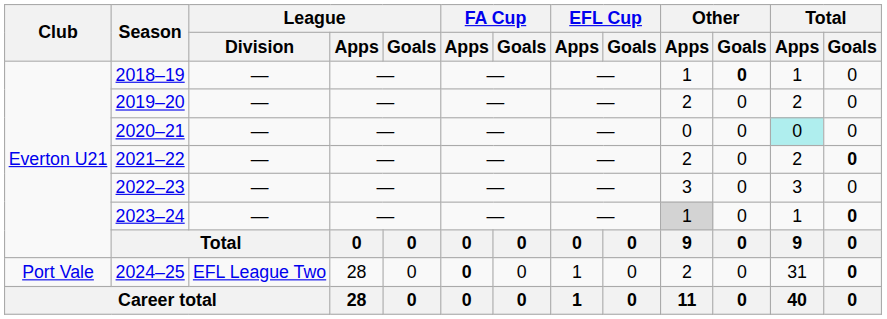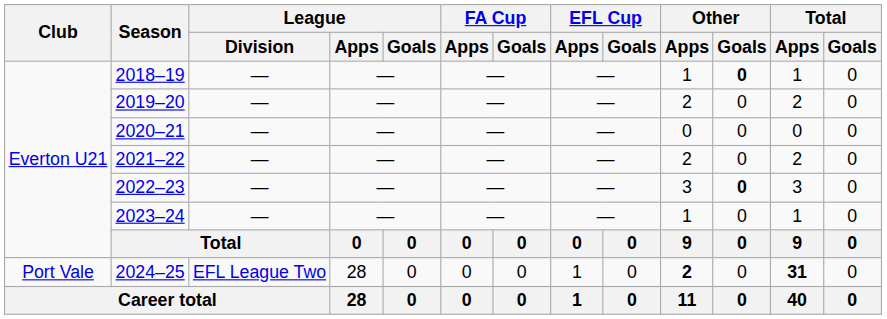 <table class="wikitable" style="text-align:center;">
 <tr>
 <th rowspan="2">Club</th>
 <th rowspan="2">Season</th>
 <th colspan="3">League</th>
 <th colspan="2"><a href='#'>FA Cup</a></th>
 <th colspan="2"><a href='#'>EFL Cup</a></th>
 <th colspan="2">Other</th>
 <th colspan="2">Total</th>
 </tr>
 <tr>
 <th>Division</th>
 <th>Apps</th>
 <th>Goals</th>
 <th>Apps</th>
 <th>Goals</th>
 <th>Apps</th>
 <th>Goals</th>
 <th>Apps</th>
 <th>Goals</th>
 <th>Apps</th>
 <th>Goals</th>
 </tr>
 <tr>
 <td rowspan="7"><a href='#'>Everton U21</a></td>
 <td><a href='#'>2018–19</a></td>
 <td>—</td>
 <td colspan="2">—</td>
 <td colspan="2">—</td>
 <td colspan="2">—</td>
 <td>1</td>
 <td><strong>0</strong></td>
 <td>1</td>
 <td>0</td>
 </tr>
 <tr>
 <td><a href='#'>2019–20</a></td>
 <td>—</td>
 <td colspan="2">—</td>
 <td colspan="2">—</td>
 <td colspan="2">—</td>
 <td>2</td>
 <td>0</td>
 <td>2</td>
 <td>0</td>
 </tr>
 <tr>
 <td><a href='#'>2020–21</a></td>
 <td>—</td>
 <td colspan="2">—</td>
 <td colspan="2">—</td>
 <td colspan="2">—</td>
 <td>0</td>
 <td>0</td>
-<td style="background: paleturquoise;">0</td>
+<td>0</td>
 <td>0</td>
 </tr>
 <tr>
 <td><a href='#'>2021–22</a></td>
 <td>—</td>
 <td colspan="2">—</td>
 <td colspan="2">—</td>
 <td colspan="2">—</td>
 <td>2</td>
 <td>0</td>
 <td>2</td>
-<td><strong>0</strong></td>
+<td>0</td>
 </tr>
 <tr>
 <td><a href='#'>2022–23</a></td>
 <td>—</td>
 <td colspan="2">—</td>
 <td colspan="2">—</td>
 <td colspan="2">—</td>
 <td>3</td>
-<td>0</td>
+<td><strong>0</strong></td>
 <td>3</td>
 <td>0</td>
 </tr>
 <tr>
 <td><a href='#'>2023–24</a></td>
 <td>—</td>
 <td colspan="2">—</td>
 <td colspan="2">—</td>
 <td colspan="2">—</td>
-<td style="background: lightgrey;">1</td>
+<td>1</td>
 <td>0</td>
 <td>1</td>
-<td><strong>0</strong></td>
+<td>0</td>
 </tr>
 <tr>
 <th colspan="2">Total</th>
 <th>0</th>
 <th>0</th>
 <th>0</th>
 <th>0</th>
 <th>0</th>
 <th>0</th>
 <th>9</th>
 <th>0</th>
 <th>9</th>
 <th>0</th>
 </tr>
 <tr>
 <td><a href='#'>Port Vale</a></td>
 <td><a href='#'>2024–25</a></td>
 <td><a href='#'>EFL League Two</a></td>
 <td>28</td>
 <td>0</td>
-<td><strong>0</strong></td>
+<td>0</td>
 <td>0</td>
 <td>1</td>
 <td>0</td>
-<td>2</td>
+<td><strong>2</strong></td>
 <td>0</td>
-<td>31</td>
-<td><strong>0</strong></td>
+<td><strong>31</strong></td>
+<td>0</td>
 </tr>
 <tr>
 <th colspan="3">Career total</th>
 <th>28</th>
 <th>0</th>
 <th>0</th>
 <th>0</th>
 <th>1</th>
 <th>0</th>
 <th>11</th>
 <th>0</th>
 <th>40</th>
 <th>0</th>
 </tr>
 </table>
